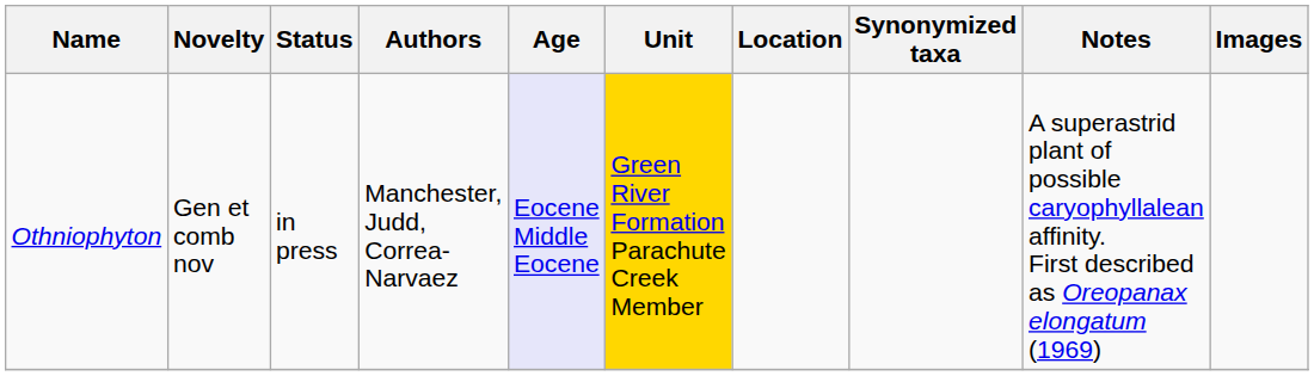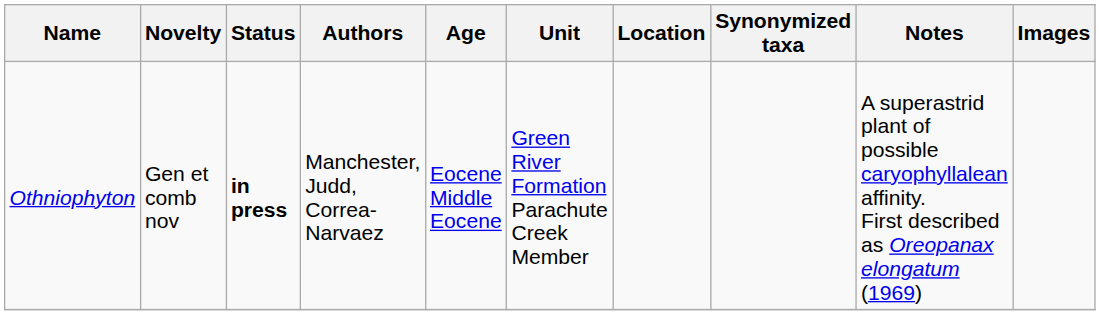 <table class="wikitable sortable" align="center" width="100%">
 <tr>
 <th>Name</th>
 <th>Novelty</th>
 <th>Status</th>
 <th>Authors</th>
 <th>Age</th>
 <th>Unit</th>
 <th>Location</th>
 <th>Synonymized taxa</th>
 <th>Notes</th>
 <th>Images</th>
 </tr>
 <tr>
 <td><br><em><a href='#'>Othniophyton</a></em></td>
 <td><br>Gen et comb nov</td>
-<td><br>in press</td>
+<td><strong><br>in press</strong></td>
 <td><br>Manchester, Judd, Correa-Narvaez</td>
-<td style="background: lavender;"><br><a href='#'>Eocene</a><br><a href='#'>Middle Eocene</a></td>
-<td style="background: gold;"><br><a href='#'>Green River Formation</a><br>Parachute Creek Member</td>
+<td><br><a href='#'>Eocene</a><br><a href='#'>Middle Eocene</a></td>
+<td><br><a href='#'>Green River Formation</a><br>Parachute Creek Member</td>
 <td><br><br></td>
 <td><br></td>
 <td><br>A superastrid plant of possible <a href='#'>caryophyllalean</a> affinity.<br>First described as <em><a href='#'>Oreopanax elongatum</a></em> (<a href='#'>1969</a>)</td>
 <td></td>
 </tr>
 <tr>
 </tr>
 </table>
